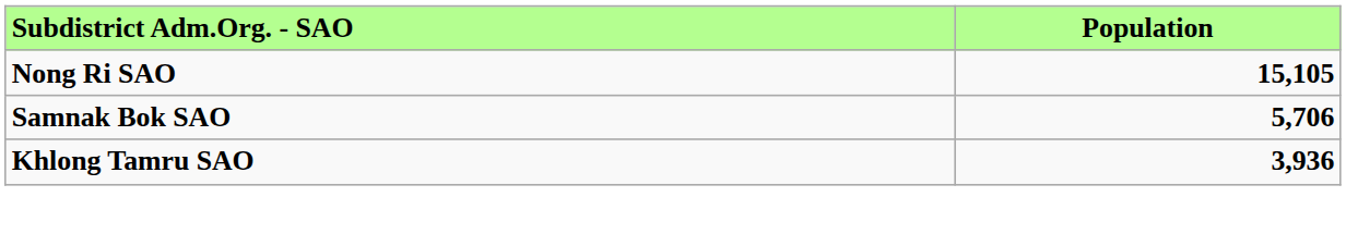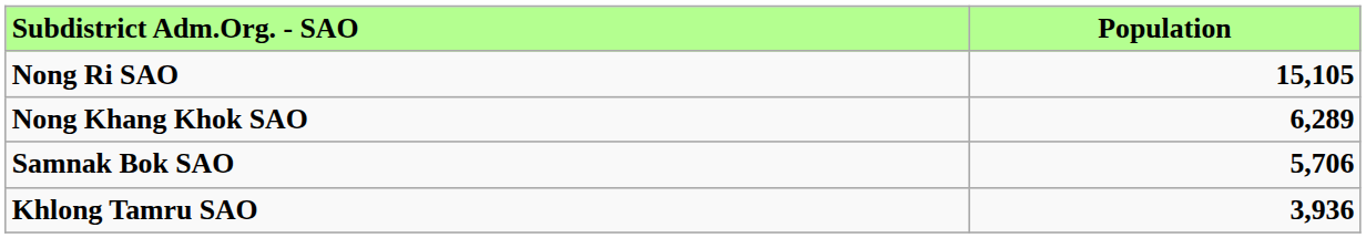 <table class="wikitable" style="width:48%; display:inline-table;">
 <tr>
 <td style= "background: #b4ff90;"><strong>Subdistrict Adm.Org. - SAO</strong></td>
 <td style= "background: #b4ff90; text-align:center;"><strong>Population</strong></td>
 </tr>
 <tr>
 <td><strong>Nong Ri SAO</strong></td>
 <td style="text-align:right;"><strong>15,105</strong></td>
 </tr>
 <tr>
+<td><strong>Nong Khang Khok SAO</strong></td>
+<td style="text-align:right;"><strong>6,289</strong></td>
+</tr>
+<tr>
 <td><strong>Samnak Bok SAO</strong></td>
 <td style="text-align:right;"><strong>5,706</strong></td>
 </tr>
 <tr>
 <td><strong>Khlong Tamru SAO</strong></td>
 <td style="text-align:right;"><strong>3,936</strong></td>
 </tr>
 </table>
